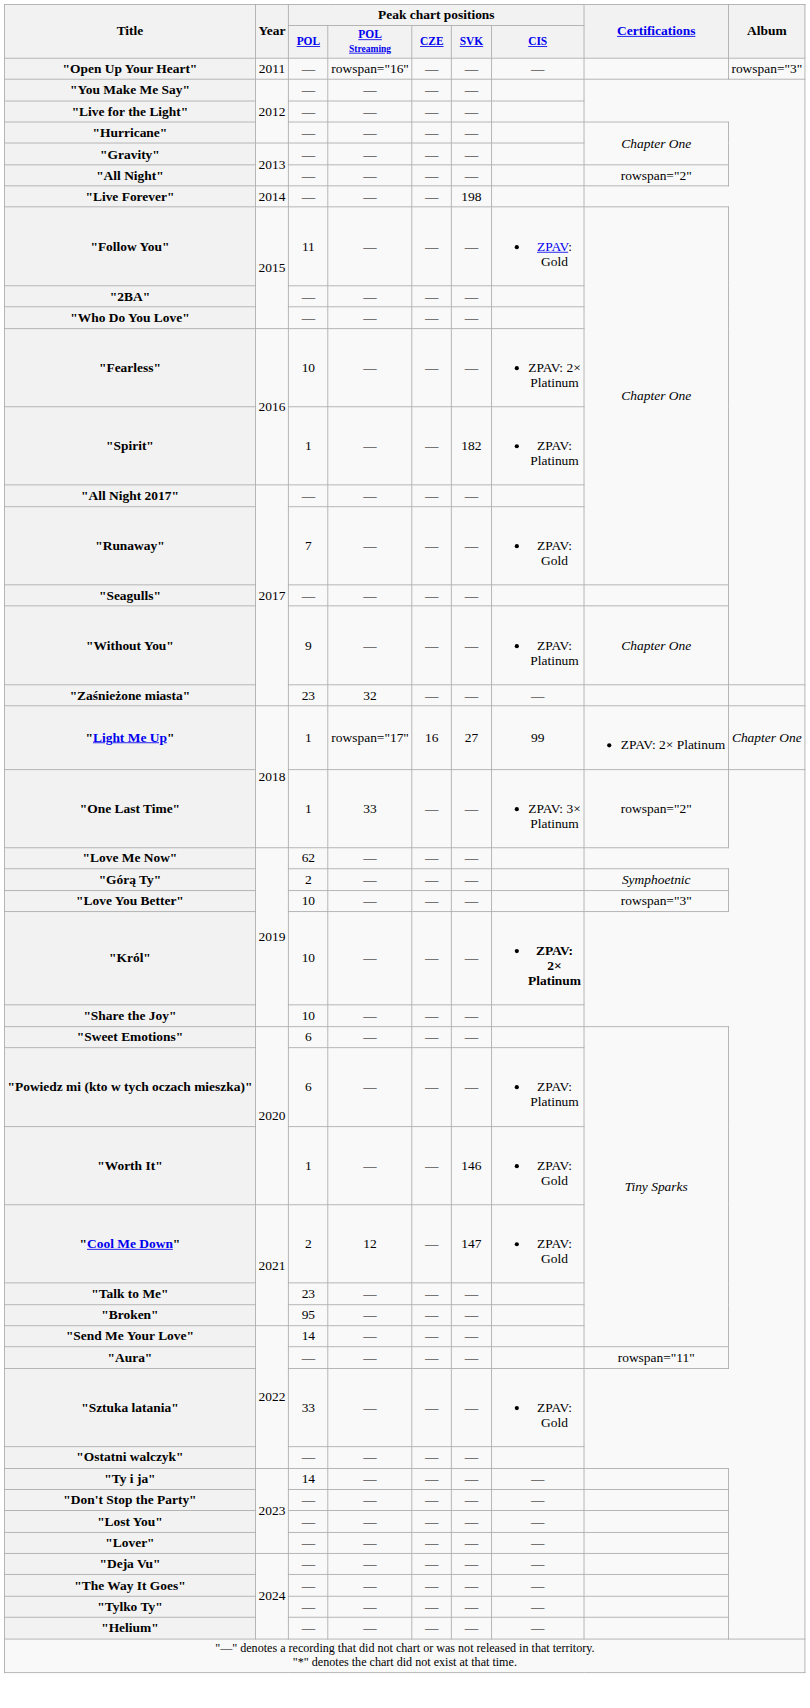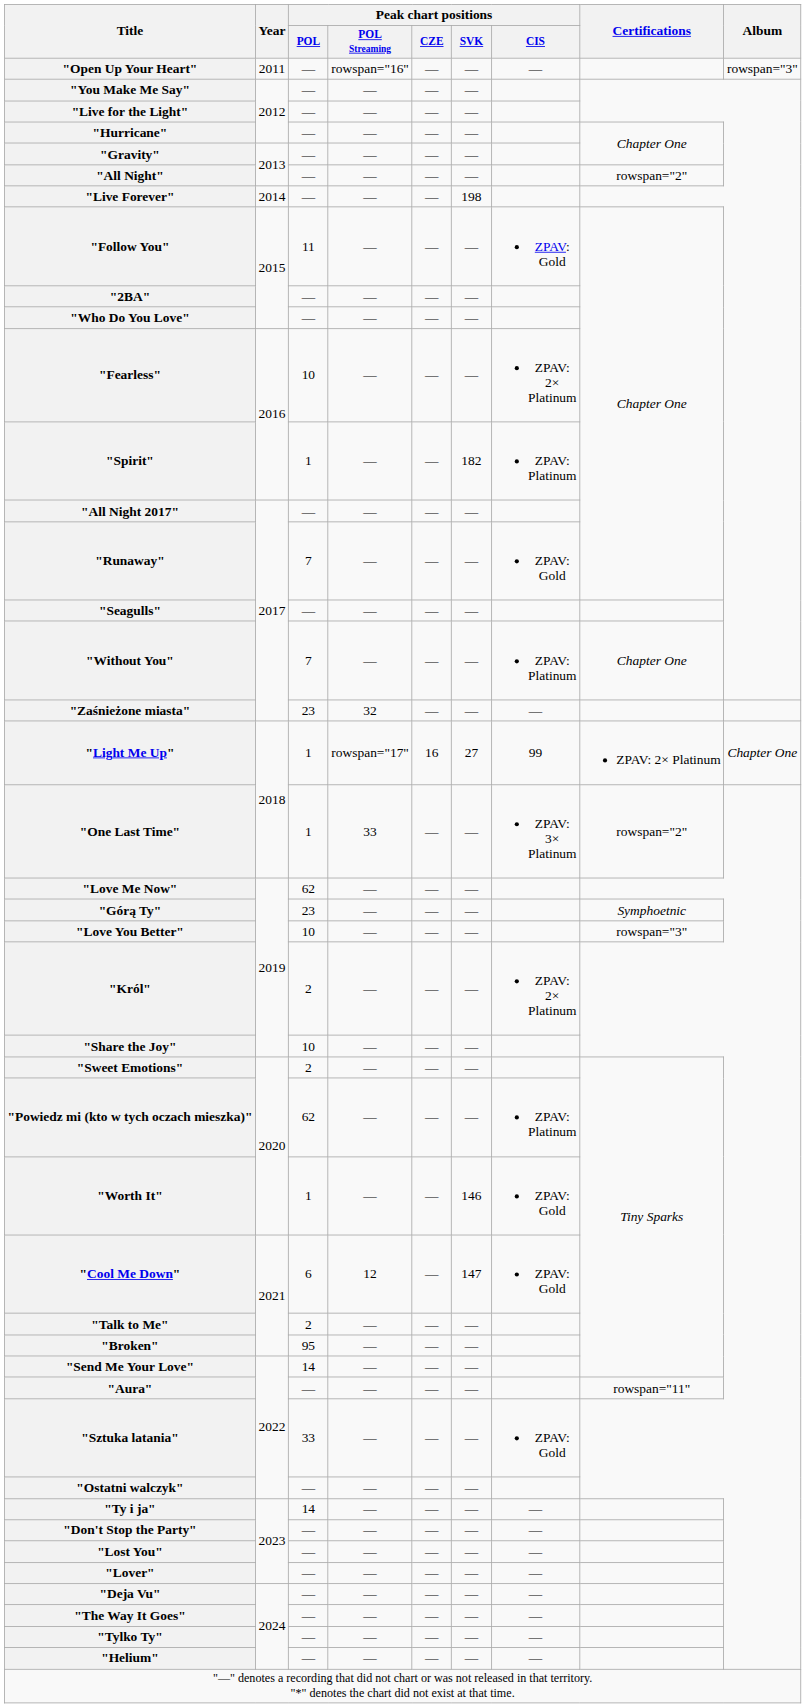 <table class="wikitable plainrowheaders" style="text-align:center;">
 <tr>
 <th scope="col" rowspan=2>Title</th>
 <th scope="col" rowspan=2>Year</th>
 <th scope="col" colspan=5>Peak chart positions</th>
 <th scope="col" rowspan=2><a href='#'>Certifications</a></th>
 <th scope="col" rowspan=2>Album</th>
 </tr>
 <tr>
 <th scope="col" style="width:3em;font-size:85%;"><a href='#'>POL</a><br></th>
 <th scope="col" style="width:3em;font-size:85%;"><a href='#'>POL<br><small>Streaming</small></a><br></th>
 <th scope="col" style="width:3em;font-size:85%;"><a href='#'>CZE</a><br></th>
 <th scope="col" style="width:3em;font-size:85%;"><a href='#'>SVK</a><br></th>
 <th scope="col" style="width:3em;font-size:85%;"><a href='#'>CIS</a><br></th>
 </tr>
 <tr>
 <th scope="row">"Open Up Your Heart"<br></th>
 <td>2011</td>
 <td>—</td>
 <td>rowspan="16" </td>
 <td>—</td>
 <td>—</td>
 <td>—</td>
 <td></td>
 <td>rowspan="3" </td>
 </tr>
 <tr>
 <th scope="row">"You Make Me Say"<br></th>
 <td rowspan="3">2012</td>
 <td>—</td>
 <td>—</td>
 <td>—</td>
 <td>—</td>
 <td></td>
 </tr>
 <tr>
 <th scope="row">"Live for the Light"<br></th>
 <td>—</td>
 <td>—</td>
 <td>—</td>
 <td>—</td>
 <td></td>
 </tr>
 <tr>
 <th scope="row">"Hurricane"<br></th>
 <td>—</td>
 <td>—</td>
 <td>—</td>
 <td>—</td>
 <td></td>
 <td rowspan="2"><em>Chapter One</em></td>
 </tr>
 <tr>
 <th scope="row">"Gravity"<br></th>
 <td rowspan="2">2013</td>
 <td>—</td>
 <td>—</td>
 <td>—</td>
 <td>—</td>
 <td></td>
 </tr>
 <tr>
 <th scope="row">"All Night"<br></th>
 <td>—</td>
 <td>—</td>
 <td>—</td>
 <td>—</td>
 <td></td>
 <td>rowspan="2" </td>
 </tr>
 <tr>
 <th scope="row">"Live Forever"<br></th>
 <td>2014</td>
 <td>—</td>
 <td>—</td>
 <td>—</td>
 <td>198</td>
 <td></td>
 </tr>
 <tr>
 <th scope="row">"Follow You"<br></th>
 <td rowspan="3">2015</td>
 <td>11</td>
 <td>—</td>
 <td>—</td>
 <td>—</td>
 <td><br><ul><li><a href='#'>ZPAV</a>: Gold</li></ul></td>
 <td rowspan="7"><em>Chapter One</em></td>
 </tr>
 <tr>
 <th scope="row">"2BA"</th>
 <td>—</td>
 <td>—</td>
 <td>—</td>
 <td>—</td>
 <td></td>
 </tr>
 <tr>
 <th scope="row">"Who Do You Love"<br></th>
 <td>—</td>
 <td>—</td>
 <td>—</td>
 <td>—</td>
 <td></td>
 </tr>
 <tr>
 <th scope="row">"Fearless"<br></th>
 <td rowspan="2">2016</td>
 <td>10</td>
 <td>—</td>
 <td>—</td>
 <td>—</td>
 <td><br><ul><li>ZPAV: 2× Platinum</li></ul></td>
 </tr>
 <tr>
 <th scope="row">"Spirit"<br></th>
 <td>1</td>
 <td>—</td>
 <td>—</td>
 <td>182</td>
 <td><br><ul><li>ZPAV: Platinum</li></ul></td>
 </tr>
 <tr>
 <th scope="row">"All Night 2017"<br></th>
 <td rowspan="5">2017</td>
 <td>—</td>
 <td>—</td>
 <td>—</td>
 <td>—</td>
 <td></td>
 </tr>
 <tr>
 <th scope="row">"Runaway"<br></th>
 <td>7</td>
 <td>—</td>
 <td>—</td>
 <td>—</td>
 <td><br><ul><li>ZPAV: Gold</li></ul></td>
 </tr>
 <tr>
 <th scope="row">"Seagulls"</th>
 <td>—</td>
 <td>—</td>
 <td>—</td>
 <td>—</td>
 <td></td>
 <td></td>
 </tr>
 <tr>
 <th scope="row">"Without You"<br></th>
-<td>9</td>
+<td>7</td>
 <td>—</td>
 <td>—</td>
 <td>—</td>
 <td><br><ul><li>ZPAV: Platinum</li></ul></td>
 <td><em>Chapter One</em></td>
 </tr>
 <tr>
 <th scope="row">"Zaśnieżone miasta"<br></th>
 <td>23</td>
 <td>32</td>
 <td>—</td>
 <td>—</td>
 <td>—</td>
 <td></td>
 <td></td>
 </tr>
 <tr>
 <th scope="row">"<a href='#'>Light Me Up</a>"<br></th>
 <td rowspan="2">2018</td>
 <td>1</td>
 <td>rowspan="17" </td>
 <td>16</td>
 <td>27</td>
 <td>99</td>
 <td><br><ul><li>ZPAV: 2× Platinum</li></ul></td>
 <td><em>Chapter One</em></td>
 </tr>
 <tr>
 <th scope="row">"One Last Time"<br></th>
 <td>1</td>
 <td>33</td>
 <td>—</td>
 <td>—</td>
 <td><br><ul><li>ZPAV: 3× Platinum</li></ul></td>
 <td>rowspan="2" </td>
 </tr>
 <tr>
 <th scope="row">"Love Me Now"<br></th>
 <td rowspan="5">2019</td>
 <td>62</td>
 <td>—</td>
 <td>—</td>
 <td>—</td>
 <td></td>
 </tr>
 <tr>
 <th scope="row">"Górą Ty"<br></th>
-<td>2</td>
+<td>23</td>
 <td>—</td>
 <td>—</td>
 <td>—</td>
 <td></td>
 <td><em>Symphoetnic</em></td>
 </tr>
 <tr>
 <th scope="row">"Love You Better"</th>
 <td>10</td>
 <td>—</td>
 <td>—</td>
 <td>—</td>
 <td></td>
 <td>rowspan="3" </td>
 </tr>
 <tr>
 <th scope="row">"Król"<br></th>
-<td>10</td>
+<td>2</td>
 <td>—</td>
 <td>—</td>
 <td>—</td>
-<td><strong><br><ul><li>ZPAV: 2× Platinum</li></ul></strong></td>
+<td><br><ul><li>ZPAV: 2× Platinum</li></ul></td>
 </tr>
 <tr>
 <th scope="row">"Share the Joy"</th>
 <td>10</td>
 <td>—</td>
 <td>—</td>
 <td>—</td>
 <td></td>
 </tr>
 <tr>
 <th scope="row">"Sweet Emotions"<br></th>
 <td rowspan="3">2020</td>
-<td>6</td>
+<td>2</td>
 <td>—</td>
 <td>—</td>
 <td>—</td>
 <td></td>
 <td rowspan="7"><em>Tiny Sparks</em></td>
 </tr>
 <tr>
 <th scope="row">"Powiedz mi (kto w tych oczach mieszka)"<br></th>
-<td>6</td>
+<td>62</td>
 <td>—</td>
 <td>—</td>
 <td>—</td>
 <td><br><ul><li>ZPAV: Platinum</li></ul></td>
 </tr>
 <tr>
 <th scope="row">"Worth It"<br></th>
 <td>1</td>
 <td>—</td>
 <td>—</td>
 <td>146</td>
 <td><br><ul><li>ZPAV: Gold</li></ul></td>
 </tr>
 <tr>
 <th scope="row">"<a href='#'>Cool Me Down</a>"<br></th>
 <td rowspan="3">2021</td>
-<td>2</td>
+<td>6</td>
 <td>12</td>
 <td>—</td>
 <td>147</td>
 <td><br><ul><li>ZPAV: Gold</li></ul></td>
 </tr>
 <tr>
 <th scope="row">"Talk to Me"<br></th>
-<td>23</td>
+<td>2</td>
 <td>—</td>
 <td>—</td>
 <td>—</td>
 <td></td>
 </tr>
 <tr>
 <th scope="row">"Broken"<br></th>
 <td>95</td>
 <td>—</td>
 <td>—</td>
 <td>—</td>
 <td></td>
 </tr>
 <tr>
 <th scope="row">"Send Me Your Love"<br></th>
 <td rowspan="4">2022</td>
 <td>14</td>
 <td>—</td>
 <td>—</td>
 <td>—</td>
 <td></td>
 </tr>
 <tr>
 <th scope="row">"Aura"<br></th>
 <td>—</td>
 <td>—</td>
 <td>—</td>
 <td>—</td>
 <td></td>
 <td>rowspan="11" </td>
 </tr>
 <tr>
 <th scope="row">"Sztuka latania"<br></th>
 <td>33</td>
 <td>—</td>
 <td>—</td>
 <td>—</td>
 <td><br><ul><li>ZPAV: Gold</li></ul></td>
 </tr>
 <tr>
 <th scope="row">"Ostatni walczyk"<br></th>
 <td>—</td>
 <td>—</td>
 <td>—</td>
 <td>—</td>
 <td></td>
 </tr>
 <tr>
 <th scope="row">"Ty i ja"<br></th>
 <td rowspan="4">2023</td>
 <td>14</td>
 <td>—</td>
 <td>—</td>
 <td>—</td>
 <td>—</td>
 <td></td>
 </tr>
 <tr>
 <th scope="row">"Don't Stop the Party"<br></th>
 <td>—</td>
 <td>—</td>
 <td>—</td>
 <td>—</td>
 <td>—</td>
 <td></td>
 </tr>
 <tr>
 <th scope="row">"Lost You"</th>
 <td>—</td>
 <td>—</td>
 <td>—</td>
 <td>—</td>
 <td>—</td>
 <td></td>
 </tr>
 <tr>
 <th scope="row">"Lover"<br></th>
 <td>—</td>
 <td>—</td>
 <td>—</td>
 <td>—</td>
 <td>—</td>
 <td></td>
 </tr>
 <tr>
 <th scope="row">"Deja Vu"<br></th>
 <td rowspan="4">2024</td>
 <td>—</td>
 <td>—</td>
 <td>—</td>
 <td>—</td>
 <td>—</td>
 <td></td>
 </tr>
 <tr>
 <th scope="row">"The Way It Goes"<br></th>
 <td>—</td>
 <td>—</td>
 <td>—</td>
 <td>—</td>
 <td>—</td>
 <td></td>
 </tr>
 <tr>
 <th scope="row">"Tylko Ty"<br></th>
 <td>—</td>
 <td>—</td>
 <td>—</td>
 <td>—</td>
 <td>—</td>
 <td></td>
 </tr>
 <tr>
 <th scope="row">"Helium"</th>
 <td>—</td>
 <td>—</td>
 <td>—</td>
 <td>—</td>
 <td>—</td>
 <td></td>
 </tr>
 <tr>
 <td colspan="9" style="font-size:90%">"—" denotes a recording that did not chart or was not released in that territory.<br>"*" denotes the chart did not exist at that time.</td>
 </tr>
 </table>
